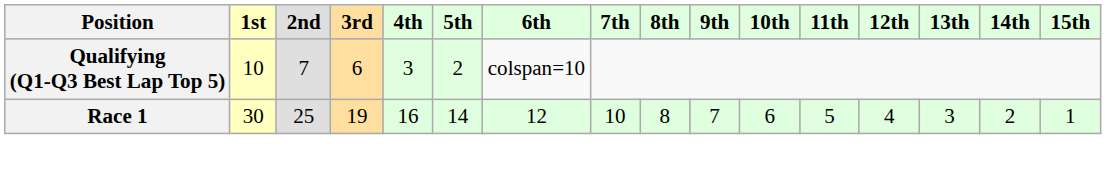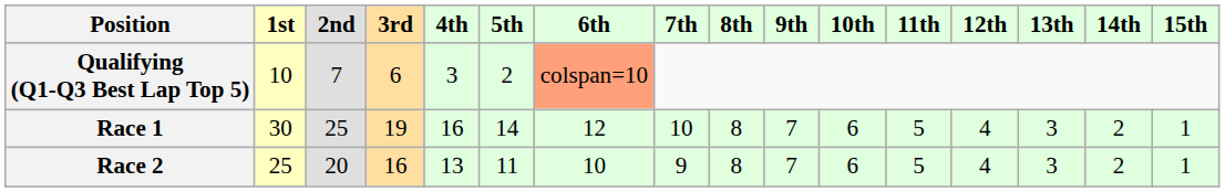 <table class="wikitable" style="font-size:85%; text-align:center">
 <tr>
 <th>Position</th>
 <td style="background:#ffffbf;"> <strong>1st</strong> </td>
 <td style="background:#dfdfdf;"> <strong>2nd</strong> </td>
 <td style="background:#ffdf9f;"> <strong>3rd</strong> </td>
 <td style="background:#dfffdf;"> <strong>4th</strong> </td>
 <td style="background:#dfffdf;"> <strong>5th</strong> </td>
 <td style="background:#dfffdf;"> <strong>6th</strong> </td>
 <td style="background:#dfffdf;"> <strong>7th</strong> </td>
 <td style="background:#dfffdf;"> <strong>8th</strong> </td>
 <td style="background:#dfffdf;"> <strong>9th</strong> </td>
 <td style="background:#dfffdf;"> <strong>10th</strong> </td>
 <td style="background:#dfffdf;"> <strong>11th</strong> </td>
 <td style="background:#dfffdf;"> <strong>12th</strong> </td>
 <td style="background:#dfffdf;"> <strong>13th</strong> </td>
 <td style="background:#dfffdf;"> <strong>14th</strong> </td>
 <td style="background:#dfffdf;"> <strong>15th</strong> </td>
 </tr>
 <tr>
 <th>Qualifying<br>(Q1-Q3 Best Lap Top 5)</th>
 <td style="background:#ffffbf;">10</td>
 <td style="background:#dfdfdf;">7</td>
 <td style="background:#ffdf9f;">6</td>
 <td style="background:#dfffdf;">3</td>
 <td style="background:#dfffdf;">2</td>
-<td>colspan=10 </td>
+<td style="background: lightsalmon;">colspan=10 </td>
 </tr>
 <tr>
 <th>Race 1</th>
 <td style="background:#ffffbf;">30</td>
 <td style="background:#dfdfdf;">25</td>
 <td style="background:#ffdf9f;">19</td>
 <td style="background:#dfffdf;">16</td>
 <td style="background:#dfffdf;">14</td>
 <td style="background:#dfffdf;">12</td>
 <td style="background:#dfffdf;">10</td>
 <td style="background:#dfffdf;">8</td>
 <td style="background:#dfffdf;">7</td>
 <td style="background:#dfffdf;">6</td>
 <td style="background:#dfffdf;">5</td>
 <td style="background:#dfffdf;">4</td>
 <td style="background:#dfffdf;">3</td>
 <td style="background:#dfffdf;">2</td>
 <td style="background:#dfffdf;">1</td>
 </tr>
+<tr>
+<th>Race 2</th>
+<td style="background:#ffffbf;">25</td>
+<td style="background:#dfdfdf;">20</td>
+<td style="background:#ffdf9f;">16</td>
+<td style="background:#dfffdf;">13</td>
+<td style="background:#dfffdf;">11</td>
+<td style="background:#dfffdf;">10</td>
+<td style="background:#dfffdf;">9</td>
+<td style="background:#dfffdf;">8</td>
+<td style="background:#dfffdf;">7</td>
+<td style="background:#dfffdf;">6</td>
+<td style="background:#dfffdf;">5</td>
+<td style="background:#dfffdf;">4</td>
+<td style="background:#dfffdf;">3</td>
+<td style="background:#dfffdf;">2</td>
+<td style="background:#dfffdf;">1</td>
+</tr>
 </table>
